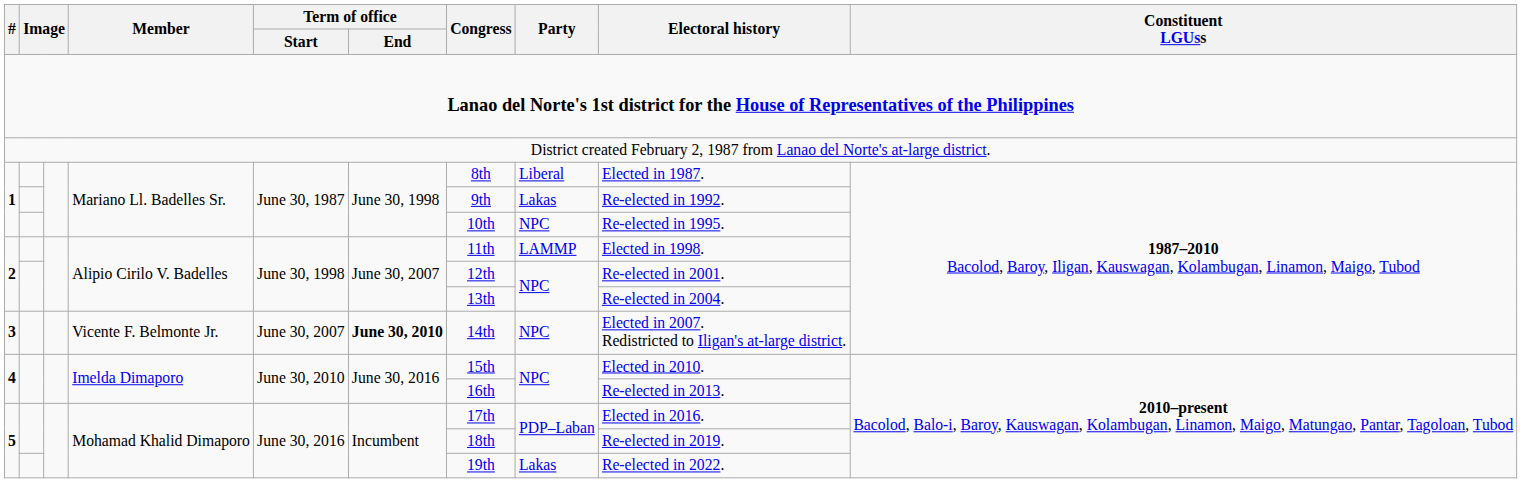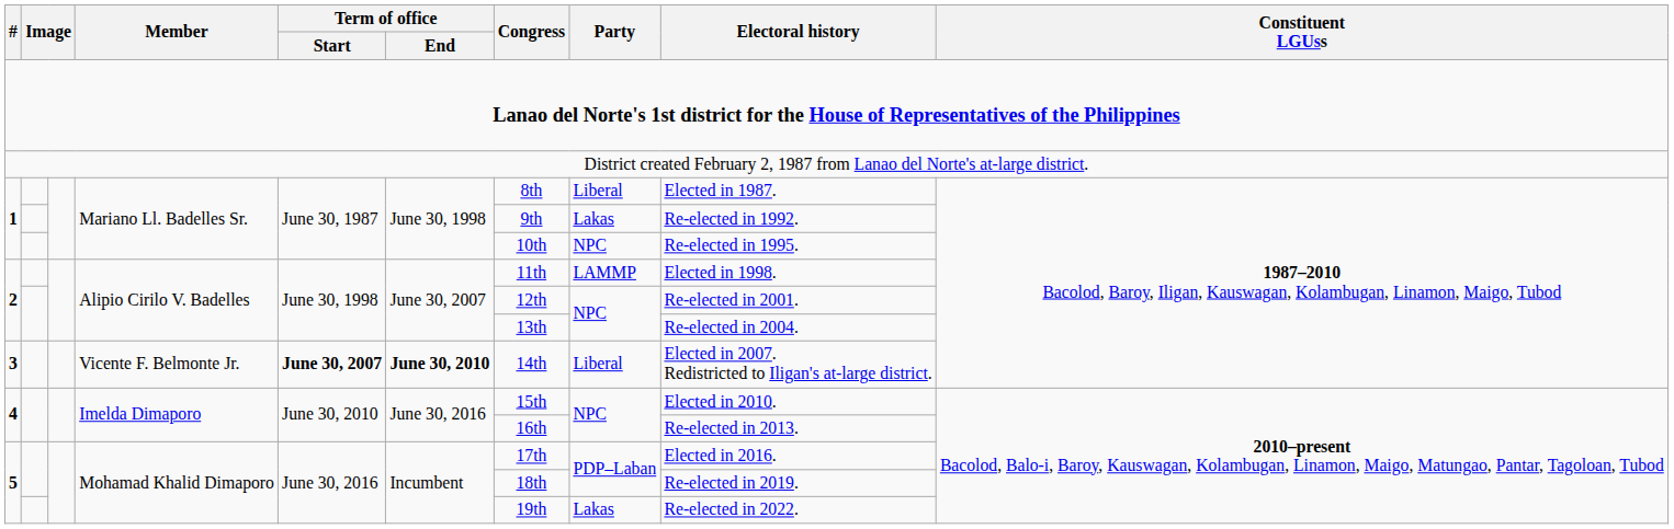 <table class=wikitable>
 <tr>
 <th rowspan="2">#</th>
 <th rowspan="2" colspan=2>Image</th>
 <th rowspan="2">Member</th>
 <th colspan=2>Term of office</th>
 <th rowspan="2">Congress</th>
 <th rowspan="2">Party</th>
 <th rowspan="2">Electoral history</th>
 <th rowspan="2">Constituent<br><a href='#'>LGUs</a>s</th>
 </tr>
 <tr>
 <th>Start</th>
 <th>End</th>
 </tr>
 <tr>
 <td colspan="10" style="text-align:center;"><br><h3>Lanao del Norte's 1st district for the <a href='#'>House of Representatives of the Philippines</a></h3></td>
 </tr>
 <tr>
 <td colspan="10" style="text-align:center;">District created February 2, 1987 from <a href='#'>Lanao del Norte's at-large district</a>.</td>
 </tr>
 <tr>
 <td rowspan="3" style="text-align:center;"><strong>1</strong></td>
 <td style="color:inherit;background:"></td>
 <td rowspan="3"></td>
 <td rowspan="3">Mariano Ll. Badelles Sr.</td>
 <td rowspan="3">June 30, 1987</td>
 <td rowspan="3">June 30, 1998</td>
 <td style="text-align:center;"><a href='#'>8th</a></td>
 <td><a href='#'>Liberal</a></td>
 <td><a href='#'>Elected in 1987</a>.</td>
 <td rowspan="7" style="text-align:center;"><strong>1987–2010</strong><br><a href='#'>Bacolod</a>, <a href='#'>Baroy</a>, <a href='#'>Iligan</a>, <a href='#'>Kauswagan</a>, <a href='#'>Kolambugan</a>, <a href='#'>Linamon</a>, <a href='#'>Maigo</a>, <a href='#'>Tubod</a></td>
 </tr>
 <tr>
 <td style="color:inherit;background:"></td>
 <td style="text-align:center;"><a href='#'>9th</a></td>
 <td><a href='#'>Lakas</a></td>
 <td><a href='#'>Re-elected in 1992</a>.</td>
 </tr>
 <tr>
 <td style="color:inherit;background:"></td>
 <td style="text-align:center;"><a href='#'>10th</a></td>
 <td><a href='#'>NPC</a></td>
 <td><a href='#'>Re-elected in 1995</a>.</td>
 </tr>
 <tr>
 <td rowspan="3" style="text-align:center;"><strong>2</strong></td>
 <td style="color:inherit;background:"></td>
 <td rowspan="3"></td>
 <td rowspan="3">Alipio Cirilo V. Badelles</td>
 <td rowspan="3">June 30, 1998</td>
 <td rowspan="3">June 30, 2007</td>
 <td style="text-align:center;"><a href='#'>11th</a></td>
 <td><a href='#'>LAMMP</a></td>
 <td><a href='#'>Elected in 1998</a>.</td>
 </tr>
 <tr>
 <td rowspan="2" style="color:inherit;background:"></td>
 <td style="text-align:center;"><a href='#'>12th</a></td>
 <td rowspan="2"><a href='#'>NPC</a></td>
 <td><a href='#'>Re-elected in 2001</a>.</td>
 </tr>
 <tr>
 <td style="text-align:center;"><a href='#'>13th</a></td>
 <td><a href='#'>Re-elected in 2004</a>.</td>
 </tr>
 <tr>
 <td style="text-align:center;"><strong>3</strong></td>
 <td style="color:inherit;background:"></td>
 <td></td>
 <td>Vicente F. Belmonte Jr.</td>
-<td>June 30, 2007</td>
+<td><strong>June 30, 2007</strong></td>
 <td><strong>June 30, 2010</strong></td>
 <td style="text-align:center;"><a href='#'>14th</a></td>
-<td><a href='#'>NPC</a></td>
+<td><a href='#'>Liberal</a></td>
 <td><a href='#'>Elected in 2007</a>.<br>Redistricted to <a href='#'>Iligan's at-large district</a>.</td>
 </tr>
 <tr>
 <td rowspan="2" style="text-align:center;"><strong>4</strong></td>
 <td rowspan="2" style="color:inherit;background:"></td>
 <td rowspan="2"></td>
 <td rowspan="2"><a href='#'>Imelda Dimaporo</a></td>
 <td rowspan="2">June 30, 2010</td>
 <td rowspan="2">June 30, 2016</td>
 <td style="text-align:center;"><a href='#'>15th</a></td>
 <td rowspan="2"><a href='#'>NPC</a></td>
 <td><a href='#'>Elected in 2010</a>.</td>
 <td rowspan=99 style="text-align:center;"><strong>2010–present</strong><br><a href='#'>Bacolod</a>, <a href='#'>Balo-i</a>, <a href='#'>Baroy</a>, <a href='#'>Kauswagan</a>, <a href='#'>Kolambugan</a>, <a href='#'>Linamon</a>, <a href='#'>Maigo</a>, <a href='#'>Matungao</a>, <a href='#'>Pantar</a>, <a href='#'>Tagoloan</a>, <a href='#'>Tubod</a></td>
 </tr>
 <tr>
 <td style="text-align:center;"><a href='#'>16th</a></td>
 <td><a href='#'>Re-elected in 2013</a>.</td>
 </tr>
 <tr>
 <td rowspan="3" style="text-align:center;"><strong>5</strong></td>
 <td rowspan="2" style="color:inherit;background:"></td>
 <td rowspan="3"></td>
 <td rowspan="3">Mohamad Khalid Dimaporo</td>
 <td rowspan="3">June 30, 2016</td>
 <td rowspan="3">Incumbent</td>
 <td style="text-align:center;"><a href='#'>17th</a></td>
 <td rowspan="2"><a href='#'>PDP–Laban</a></td>
 <td><a href='#'>Elected in 2016</a>.</td>
 </tr>
 <tr>
 <td style="text-align:center;"><a href='#'>18th</a></td>
 <td><a href='#'>Re-elected in 2019</a>.</td>
 </tr>
 <tr>
 <td style="color:inherit;background:"></td>
 <td style="text-align:center;"><a href='#'>19th</a></td>
 <td><a href='#'>Lakas</a></td>
 <td><a href='#'>Re-elected in 2022</a>.</td>
 </tr>
 </table>
